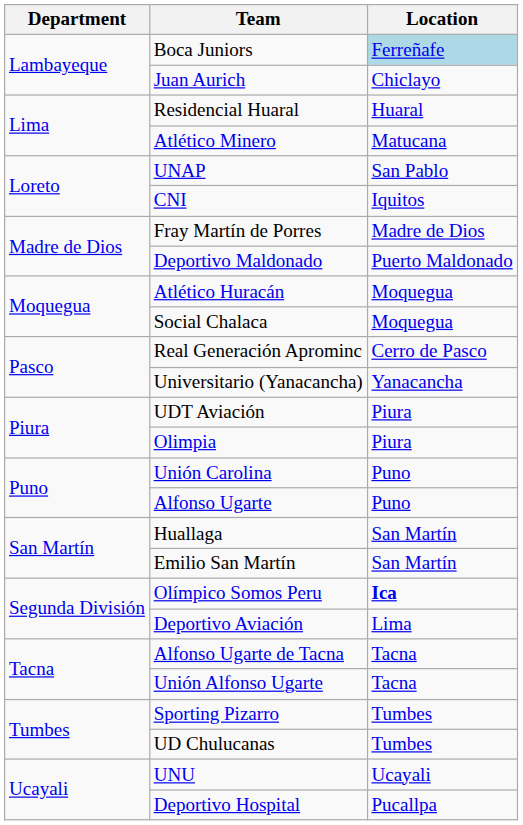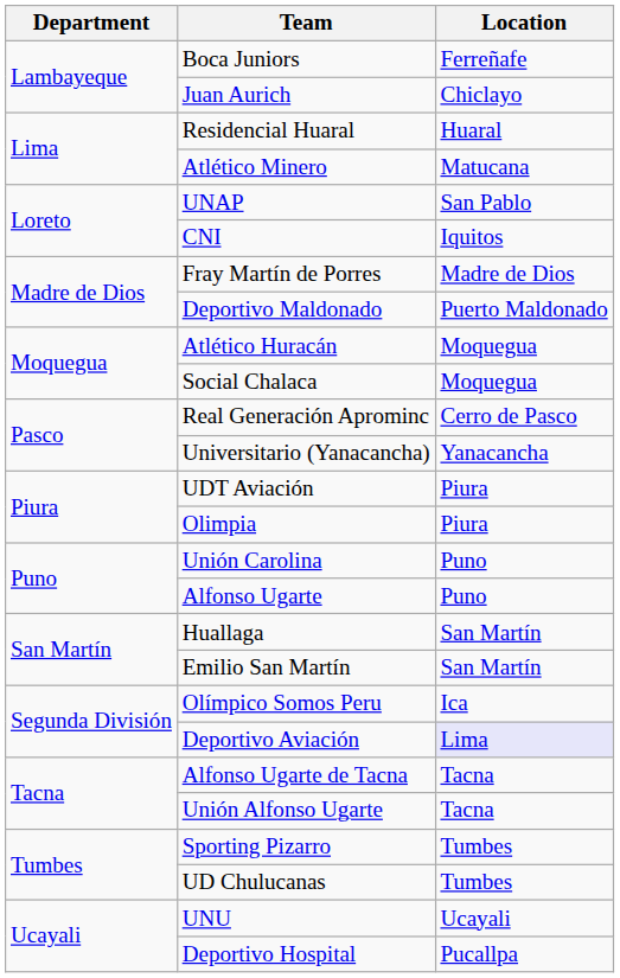 <table class="wikitable">
 <tr>
 <th>Department</th>
 <th>Team</th>
 <th>Location</th>
 </tr>
 <tr>
 <td rowspan="2"><a href='#'>Lambayeque</a></td>
 <td>Boca Juniors</td>
-<td style="background: lightblue;"><a href='#'>Ferreñafe</a></td>
+<td><a href='#'>Ferreñafe</a></td>
 </tr>
 <tr>
 <td><a href='#'>Juan Aurich</a></td>
 <td><a href='#'>Chiclayo</a></td>
 </tr>
 <tr>
 <td rowspan="2"><a href='#'>Lima</a></td>
 <td>Residencial Huaral</td>
 <td><a href='#'>Huaral</a></td>
 </tr>
 <tr>
 <td><a href='#'>Atlético Minero</a></td>
 <td><a href='#'>Matucana</a></td>
 </tr>
 <tr>
 <td rowspan="2"><a href='#'>Loreto</a></td>
 <td><a href='#'>UNAP</a></td>
 <td><a href='#'>San Pablo</a></td>
 </tr>
 <tr>
 <td><a href='#'>CNI</a></td>
 <td><a href='#'>Iquitos</a></td>
 </tr>
 <tr>
 <td rowspan="2"><a href='#'>Madre de Dios</a></td>
 <td>Fray Martín de Porres</td>
 <td><a href='#'>Madre de Dios</a></td>
 </tr>
 <tr>
 <td><a href='#'>Deportivo Maldonado</a></td>
 <td><a href='#'>Puerto Maldonado</a></td>
 </tr>
 <tr>
 <td rowspan="2"><a href='#'>Moquegua</a></td>
 <td><a href='#'>Atlético Huracán</a></td>
 <td><a href='#'>Moquegua</a></td>
 </tr>
 <tr>
 <td>Social Chalaca</td>
 <td><a href='#'>Moquegua</a></td>
 </tr>
 <tr>
 <td rowspan="2"><a href='#'>Pasco</a></td>
 <td>Real Generación Aprominc</td>
 <td><a href='#'>Cerro de Pasco</a></td>
 </tr>
 <tr>
 <td>Universitario (Yanacancha)</td>
 <td><a href='#'>Yanacancha</a></td>
 </tr>
 <tr>
 <td rowspan="2"><a href='#'>Piura</a></td>
 <td>UDT Aviación</td>
 <td><a href='#'>Piura</a></td>
 </tr>
 <tr>
 <td><a href='#'>Olimpia</a></td>
 <td><a href='#'>Piura</a></td>
 </tr>
 <tr>
 <td rowspan="2"><a href='#'>Puno</a></td>
 <td><a href='#'>Unión Carolina</a></td>
 <td><a href='#'>Puno</a></td>
 </tr>
 <tr>
 <td><a href='#'>Alfonso Ugarte</a></td>
 <td><a href='#'>Puno</a></td>
 </tr>
 <tr>
 <td rowspan="2"><a href='#'>San Martín</a></td>
 <td>Huallaga</td>
 <td><a href='#'>San Martín</a></td>
 </tr>
 <tr>
 <td>Emilio San Martín</td>
 <td><a href='#'>San Martín</a></td>
 </tr>
 <tr>
 <td rowspan="2"><a href='#'>Segunda División</a></td>
 <td><a href='#'>Olímpico Somos Peru</a></td>
-<td><strong><a href='#'>Ica</a></strong></td>
+<td><a href='#'>Ica</a></td>
 </tr>
 <tr>
 <td><a href='#'>Deportivo Aviación</a></td>
-<td><a href='#'>Lima</a></td>
+<td style="background: lavender;"><a href='#'>Lima</a></td>
 </tr>
 <tr>
 <td rowspan="2"><a href='#'>Tacna</a></td>
 <td><a href='#'>Alfonso Ugarte de Tacna</a></td>
 <td><a href='#'>Tacna</a></td>
 </tr>
 <tr>
 <td><a href='#'>Unión Alfonso Ugarte</a></td>
 <td><a href='#'>Tacna</a></td>
 </tr>
 <tr>
 <td rowspan="2"><a href='#'>Tumbes</a></td>
 <td><a href='#'>Sporting Pizarro</a></td>
 <td><a href='#'>Tumbes</a></td>
 </tr>
 <tr>
 <td>UD Chulucanas</td>
 <td><a href='#'>Tumbes</a></td>
 </tr>
 <tr>
 <td rowspan="2"><a href='#'>Ucayali</a></td>
 <td><a href='#'>UNU</a></td>
 <td><a href='#'>Ucayali</a></td>
 </tr>
 <tr>
 <td><a href='#'>Deportivo Hospital</a></td>
 <td><a href='#'>Pucallpa</a></td>
 </tr>
 </table>
